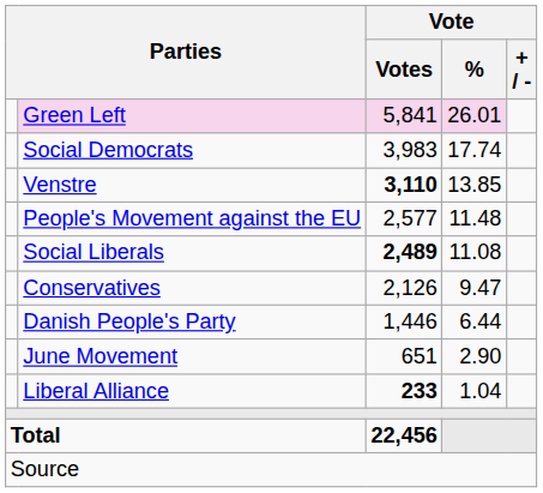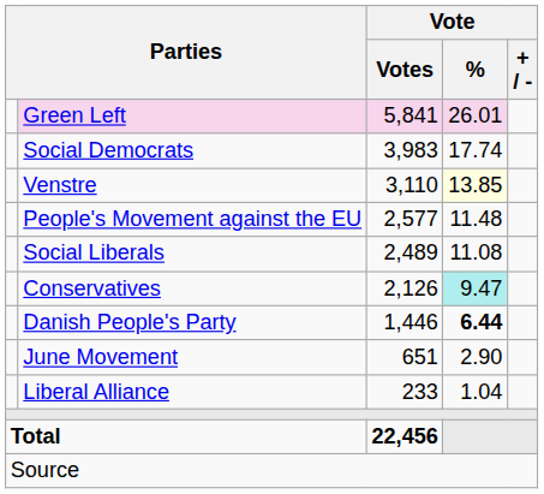 <table class="wikitable" style="text-align:right;">
 <tr>
 <th style="text-align:centre;" rowspan="2" colspan="2" width="225">Parties</th>
 <th colspan="3">Vote</th>
 </tr>
 <tr>
 <th width="15">Votes</th>
 <th width="15">%</th>
 <th width="15">+ / -</th>
 </tr>
 <tr>
 <td width="2" style="color:inherit;background:"></td>
 <td bgcolor=#f7d5ed   align="left"><a href='#'>Green Left</a></td>
 <td bgcolor=#f7d5ed>5,841</td>
 <td bgcolor=#f7d5ed>26.01</td>
 <td></td>
 </tr>
 <tr>
 <td width="2" style="color:inherit;background:"></td>
 <td align="left"><a href='#'>Social Democrats</a></td>
 <td>3,983</td>
 <td>17.74</td>
 <td></td>
 </tr>
 <tr>
 <td width="2" style="color:inherit;background:"></td>
 <td align="left"><a href='#'>Venstre</a></td>
-<td><strong>3,110</strong></td>
-<td>13.85</td>
+<td>3,110</td>
+<td style="background: lightyellow;">13.85</td>
 <td></td>
 </tr>
 <tr>
 <td width="2" style="color:inherit;background:"></td>
 <td align="left"><a href='#'>People's Movement against the EU</a></td>
 <td>2,577</td>
 <td>11.48</td>
 <td></td>
 </tr>
 <tr>
 <td width="2" style="color:inherit;background:"></td>
 <td align="left"><a href='#'>Social Liberals</a></td>
-<td><strong>2,489</strong></td>
+<td>2,489</td>
 <td>11.08</td>
 <td></td>
 </tr>
 <tr>
 <td width="2" style="color:inherit;background:"></td>
 <td align="left"><a href='#'>Conservatives</a></td>
 <td>2,126</td>
-<td>9.47</td>
+<td style="background: paleturquoise;">9.47</td>
 <td></td>
 </tr>
 <tr>
 <td width="2" style="color:inherit;background:"></td>
 <td align="left"><a href='#'>Danish People's Party</a></td>
 <td>1,446</td>
-<td>6.44</td>
+<td><strong>6.44</strong></td>
 <td></td>
 </tr>
 <tr>
 <td width="2" style="color:inherit;background:"></td>
 <td align="left"><a href='#'>June Movement</a></td>
 <td>651</td>
 <td>2.90</td>
 <td></td>
 </tr>
 <tr>
 <td width="2" style="color:inherit;background:"></td>
 <td align="left"><a href='#'>Liberal Alliance</a></td>
-<td><strong>233</strong></td>
+<td>233</td>
 <td>1.04</td>
 <td></td>
 </tr>
 <tr>
 <td colspan="7" bgcolor="#E9E9E9"></td>
 </tr>
 <tr>
 <td align="left" colspan="2"><strong>Total</strong></td>
 <td><strong>22,456</strong></td>
 <td bgcolor="#E9E9E9" colspan="2"></td>
 </tr>
 <tr>
 <td align="left" colspan="6">Source</td>
 </tr>
 </table>
